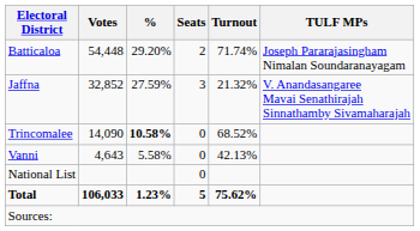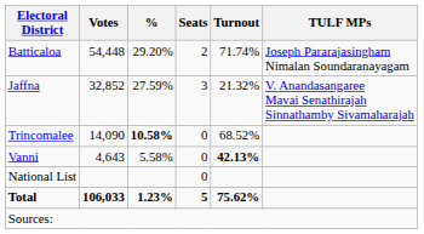 <table class="wikitable" border="1">
 <tr>
 <th><a href='#'>Electoral<br>District</a></th>
 <th align=right>Votes</th>
 <th align=right>%</th>
 <th align=right>Seats</th>
 <th align=right>Turnout</th>
 <th>TULF MPs</th>
 </tr>
 <tr>
 <td valign=top><a href='#'>Batticaloa</a></td>
 <td valign=top align=right>54,448</td>
 <td valign=top align=right>29.20%</td>
 <td valign=top align=right>2</td>
 <td valign=top align=right>71.74%</td>
 <td><a href='#'>Joseph Pararajasingham</a><br>Nimalan Soundaranayagam</td>
 </tr>
 <tr>
 <td valign=top><a href='#'>Jaffna</a></td>
 <td valign=top align=right>32,852</td>
 <td valign=top align=right>27.59%</td>
 <td valign=top align=right>3</td>
 <td valign=top align=right>21.32%</td>
 <td><a href='#'>V. Anandasangaree</a><br><a href='#'>Mavai Senathirajah</a><br><a href='#'>Sinnathamby Sivamaharajah</a></td>
 </tr>
 <tr>
 <td valign=top><a href='#'>Trincomalee</a></td>
 <td valign=top align=right>14,090</td>
 <td valign=top align=right><strong>10.58%</strong></td>
 <td valign=top align=right>0</td>
 <td valign=top align=right>68.52%</td>
 <td></td>
 </tr>
 <tr>
 <td valign=top><a href='#'>Vanni</a></td>
 <td valign=top align=right>4,643</td>
 <td valign=top align=right>5.58%</td>
 <td valign=top align=right>0</td>
-<td valign=top align=right>42.13%</td>
+<td valign=top align=right><strong>42.13%</strong></td>
 <td></td>
 </tr>
 <tr>
 <td valign=top>National List</td>
 <td></td>
 <td></td>
 <td valign=top align=right>0</td>
 <td></td>
 <td></td>
 </tr>
 <tr>
 <td><strong>Total</strong></td>
 <td align=right><strong>106,033</strong></td>
 <td align=right><strong>1.23%</strong></td>
 <td align=right><strong>5</strong></td>
 <td align=right><strong>75.62%</strong></td>
 </tr>
 <tr>
 <td align=left colspan=6>Sources:</td>
 </tr>
 </table>
